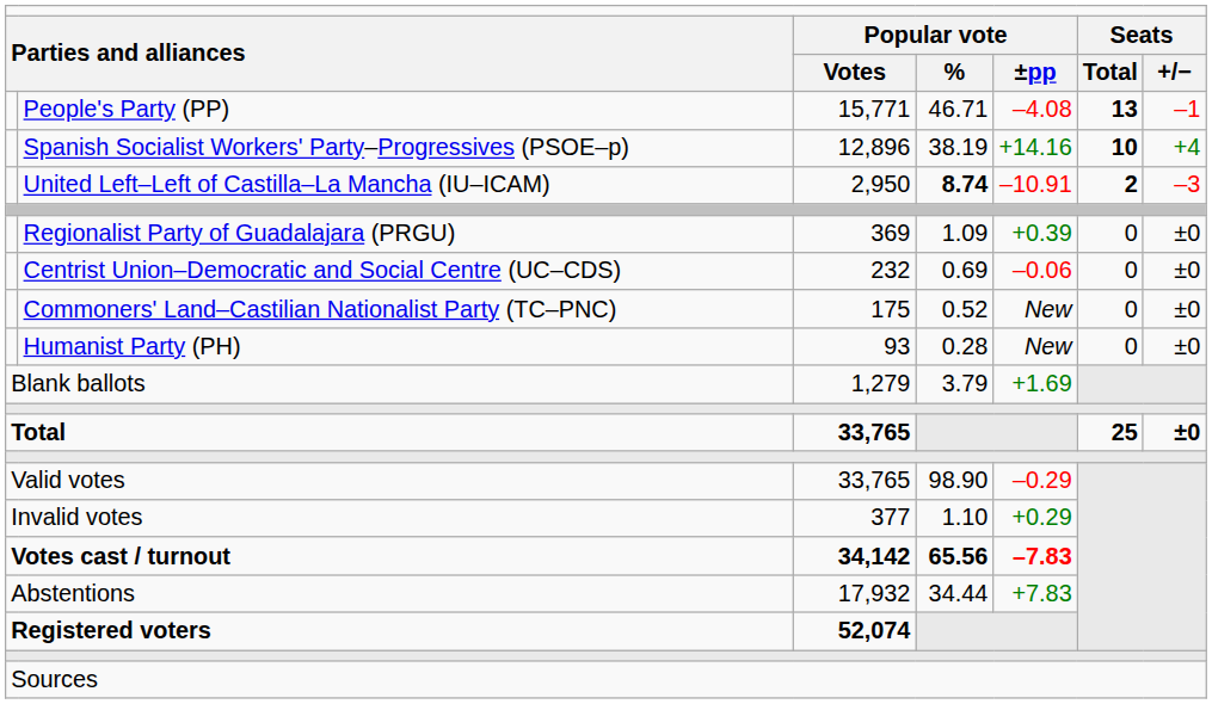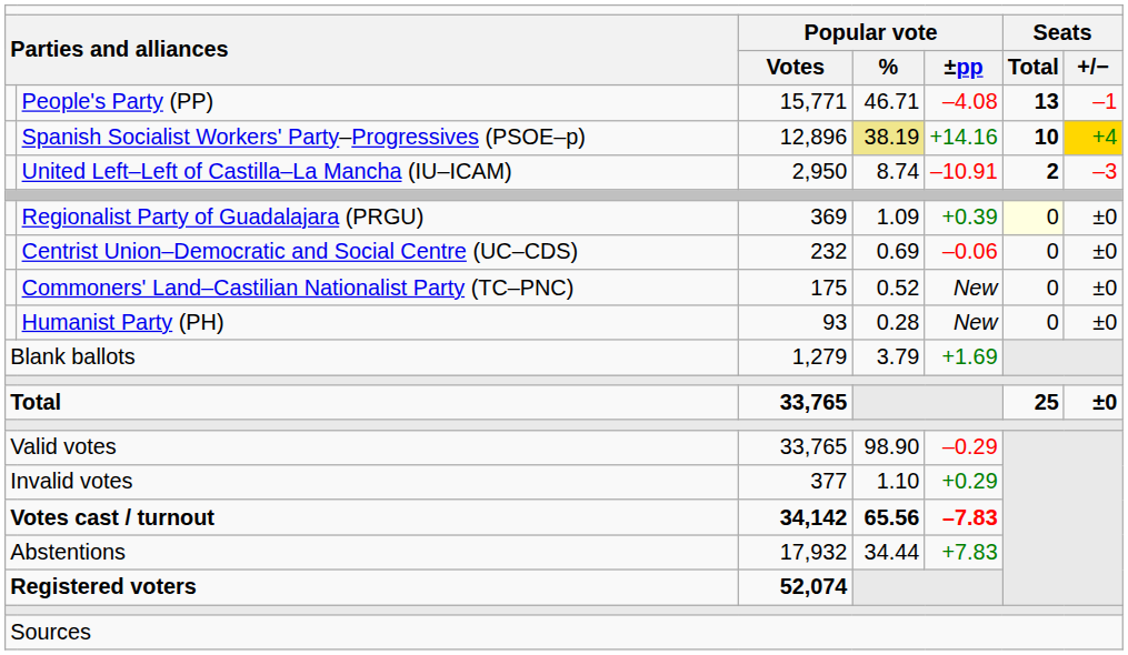 <table class="wikitable" style="text-align:right;">
 <tr>
 <td colspan="7"></td>
 </tr>
 <tr>
 <th style="text-align:left;" rowspan="2" colspan="2" width="525">Parties and alliances</th>
 <th colspan="3">Popular vote</th>
 <th colspan="2">Seats</th>
 </tr>
 <tr>
 <th width="75">Votes</th>
 <th width="45">%</th>
 <th width="45">±<a href='#'>pp</a></th>
 <th width="35">Total</th>
 <th width="35">+/−</th>
 </tr>
 <tr>
 <td width="1" style="color:inherit;background:"></td>
 <td align="left"><a href='#'>People's Party</a> (PP)</td>
 <td>15,771</td>
 <td>46.71</td>
 <td style="color:red;">–4.08</td>
 <td><strong>13</strong></td>
 <td style="color:red;">–1</td>
 </tr>
 <tr>
 <td style="color:inherit;background:"></td>
 <td align="left"><a href='#'>Spanish Socialist Workers' Party</a>–<a href='#'>Progressives</a> (PSOE–p)</td>
 <td>12,896</td>
-<td>38.19</td>
+<td style="background: khaki;">38.19</td>
 <td style="color:green;">+14.16</td>
 <td><strong>10</strong></td>
-<td style="color:green;">+4</td>
+<td style="background: gold; color:green;">+4</td>
 </tr>
 <tr>
 <td style="color:inherit;background:"></td>
 <td align="left"><a href='#'>United Left–Left of Castilla–La Mancha</a> (IU–ICAM)</td>
 <td>2,950</td>
-<td><strong>8.74</strong></td>
+<td>8.74</td>
 <td style="color:red;">–10.91</td>
 <td><strong>2</strong></td>
 <td style="color:red;">–3</td>
 </tr>
 <tr>
 <td colspan="7" bgcolor="#C0C0C0"></td>
 </tr>
 <tr>
 <td style="color:inherit;background:"></td>
 <td align="left"><a href='#'>Regionalist Party of Guadalajara</a> (PRGU)</td>
 <td>369</td>
 <td>1.09</td>
 <td style="color:green;">+0.39</td>
-<td>0</td>
+<td style="background: lightyellow;">0</td>
 <td>±0</td>
 </tr>
 <tr>
 <td style="color:inherit;background:"></td>
 <td align="left"><a href='#'>Centrist Union–Democratic and Social Centre</a> (UC–CDS)</td>
 <td>232</td>
 <td>0.69</td>
 <td style="color:red;">–0.06</td>
 <td>0</td>
 <td>±0</td>
 </tr>
 <tr>
 <td style="color:inherit;background:"></td>
 <td align="left"><a href='#'>Commoners' Land–Castilian Nationalist Party</a> (TC–PNC)</td>
 <td>175</td>
 <td>0.52</td>
 <td><em>New</em></td>
 <td>0</td>
 <td>±0</td>
 </tr>
 <tr>
 <td style="color:inherit;background:"></td>
 <td align="left"><a href='#'>Humanist Party</a> (PH)</td>
 <td>93</td>
 <td>0.28</td>
 <td><em>New</em></td>
 <td>0</td>
 <td>±0</td>
 </tr>
 <tr>
 <td align="left" colspan="2">Blank ballots</td>
 <td>1,279</td>
 <td>3.79</td>
 <td style="color:green;">+1.69</td>
 <td bgcolor="#E9E9E9" colspan="2"></td>
 </tr>
 <tr>
 <td colspan="7" bgcolor="#E9E9E9"></td>
 </tr>
 <tr style="font-weight:bold;">
 <td align="left" colspan="2">Total</td>
 <td>33,765</td>
 <td bgcolor="#E9E9E9" colspan="2"></td>
 <td>25</td>
 <td>±0</td>
 </tr>
 <tr>
 <td colspan="7" bgcolor="#E9E9E9"></td>
 </tr>
 <tr>
 <td align="left" colspan="2">Valid votes</td>
 <td>33,765</td>
 <td>98.90</td>
 <td style="color:red;">–0.29</td>
 <td bgcolor="#E9E9E9" colspan="2" rowspan="5"></td>
 </tr>
 <tr>
 <td align="left" colspan="2">Invalid votes</td>
 <td>377</td>
 <td>1.10</td>
 <td style="color:green;">+0.29</td>
 </tr>
 <tr style="font-weight:bold;">
 <td align="left" colspan="2">Votes cast / turnout</td>
 <td>34,142</td>
 <td>65.56</td>
 <td style="color:red;">–7.83</td>
 </tr>
 <tr>
 <td align="left" colspan="2">Abstentions</td>
 <td>17,932</td>
 <td>34.44</td>
 <td style="color:green;">+7.83</td>
 </tr>
 <tr style="font-weight:bold;">
 <td align="left" colspan="2">Registered voters</td>
 <td>52,074</td>
 <td bgcolor="#E9E9E9" colspan="2"></td>
 </tr>
 <tr>
 <td colspan="7" bgcolor="#E9E9E9"></td>
 </tr>
 <tr>
 <td align="left" colspan="7">Sources</td>
 </tr>
 </table>
